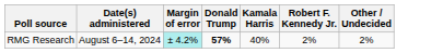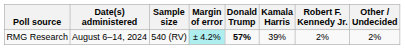 <table class="wikitable sortable mw-datatable" style="font-size:90%;text-align:center;line-height:17px">
 <tr valign=bottom>
 <th>Poll source</th>
 <th>Date(s)<br>administered</th>
+<th>Sample<br>size</th>
 <th>Margin<br>of error</th>
 <th class="unsortable">Donald<br>Trump<br></th>
 <th class="unsortable">Kamala<br>Harris<br></th>
 <th class="unsortable">Robert F.<br>Kennedy Jr.<br></th>
 <th class="unsortable">Other /<br>Undecided</th>
 </tr>
 <tr>
 <td style="text-align:left;">RMG Research</td>
 <td data-sort-value="2024-08-14">August 6–14, 2024</td>
+<td>540 (RV)</td>
 <td style="background: paleturquoise;">± 4.2%</td>
 <td style="background-color:"><strong>57%</strong></td>
-<td>40%</td>
+<td>39%</td>
 <td>2%</td>
 <td>2%</td>
 </tr>
 </table>
